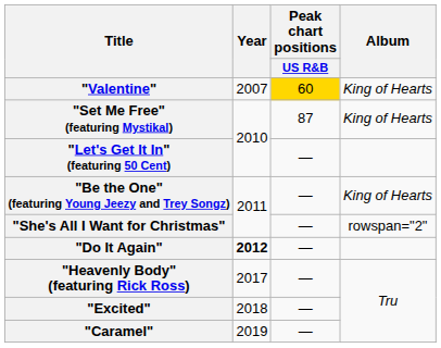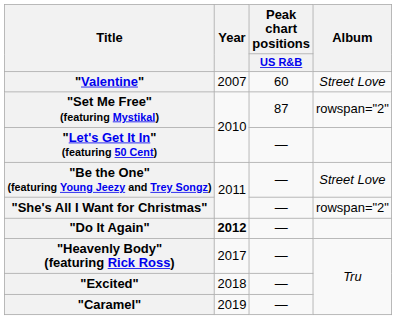 <table class="wikitable plainrowheaders" style="text-align:center;" border="1">
 <tr>
 <th scope="col" rowspan="2">Title</th>
 <th scope="col" rowspan="2">Year</th>
 <th scope="col" colspan="1">Peak chart positions</th>
 <th scope="col" rowspan="2">Album</th>
 </tr>
 <tr>
 <th style="width:3em; font-size:85%"><a href='#'>US R&B</a></th>
 </tr>
 <tr>
 <th scope="row">"<a href='#'>Valentine</a>"</th>
 <td>2007</td>
-<td style="background: gold;">60</td>
-<td><em>King of Hearts</em></td>
+<td>60</td>
+<td><em>Street Love</em></td>
 </tr>
 <tr>
 <th scope="row">"Set Me Free"<br><small>(featuring <a href='#'>Mystikal</a>)</small></th>
 <td rowspan="2">2010</td>
 <td>87</td>
-<td><em>King of Hearts</em></td>
+<td>rowspan="2" </td>
 </tr>
 <tr>
 <th scope="row">"<a href='#'>Let's Get It In</a>"<br><small>(featuring <a href='#'>50 Cent</a>)</small></th>
 <td>—</td>
 </tr>
 <tr>
 <th scope="row">"Be the One"<br><small>(featuring <a href='#'>Young Jeezy</a> and <a href='#'>Trey Songz</a>)</small></th>
 <td rowspan="2">2011</td>
 <td>—</td>
-<td><em>King of Hearts</em></td>
+<td><em>Street Love</em></td>
 </tr>
 <tr>
 <th scope="row">"She's All I Want for Christmas"</th>
 <td>—</td>
 <td>rowspan="2" </td>
 </tr>
 <tr>
 <th scope="row">"Do It Again"</th>
 <td><strong>2012</strong></td>
 <td>—</td>
 </tr>
 <tr>
 <th scope="row">"Heavenly Body" <br><span>(featuring <a href='#'>Rick Ross</a>)</span></th>
 <td>2017</td>
 <td>—</td>
 <td rowspan="3"><em>Tru</em></td>
 </tr>
 <tr>
 <th scope="row">"Excited"</th>
 <td>2018</td>
 <td>—</td>
 </tr>
 <tr>
 <th scope="row">"Caramel"</th>
 <td>2019</td>
 <td>—</td>
 </tr>
 </table>
